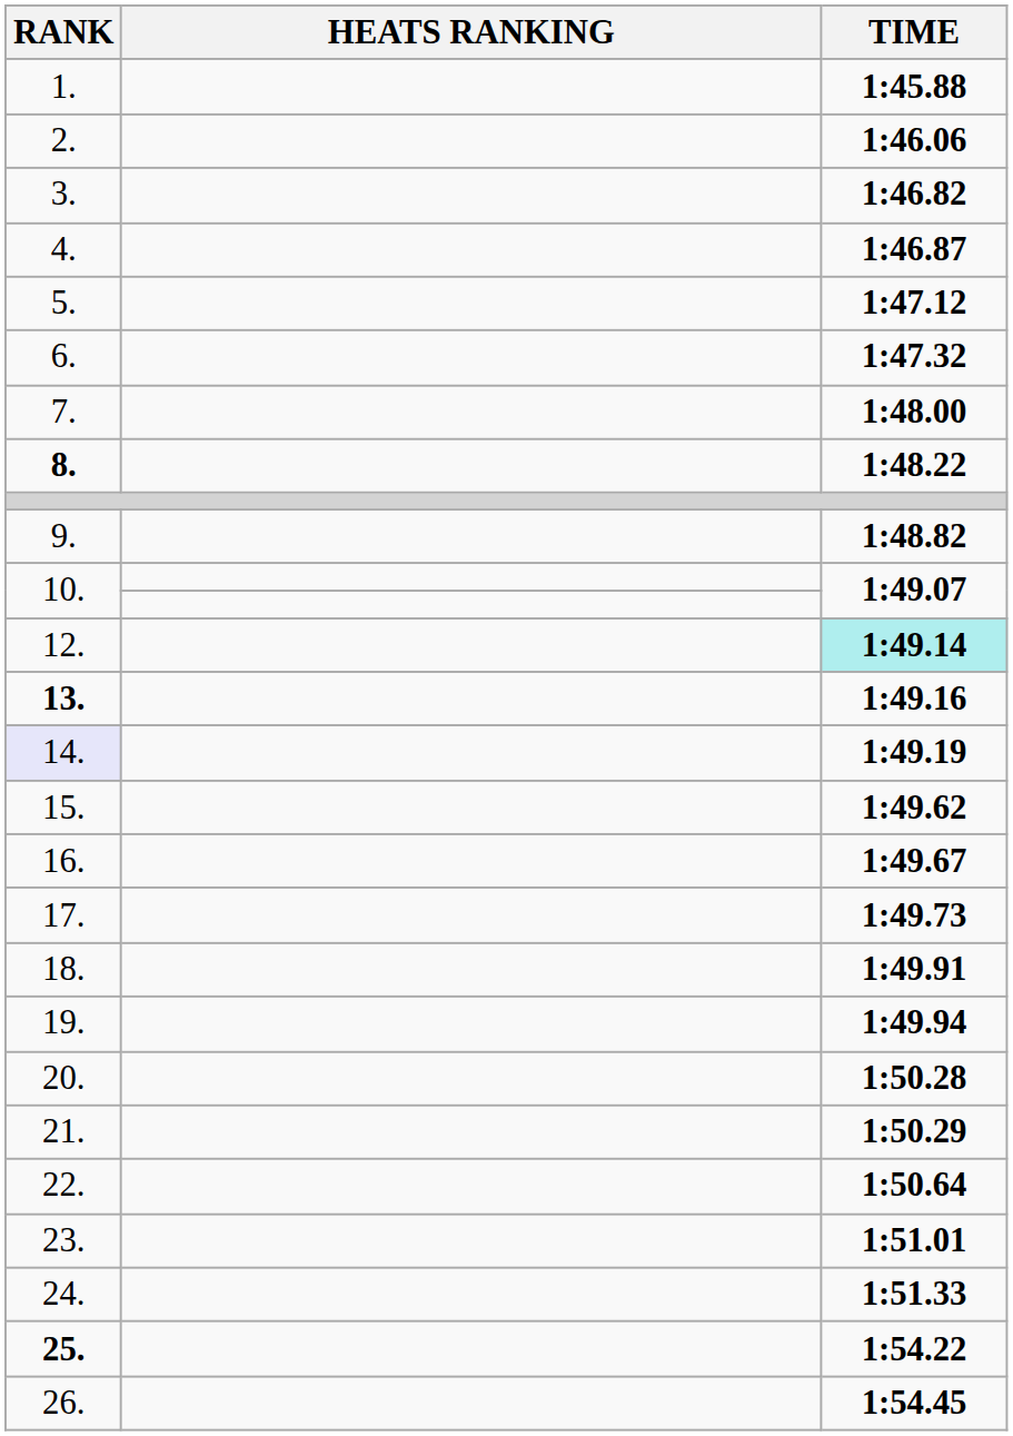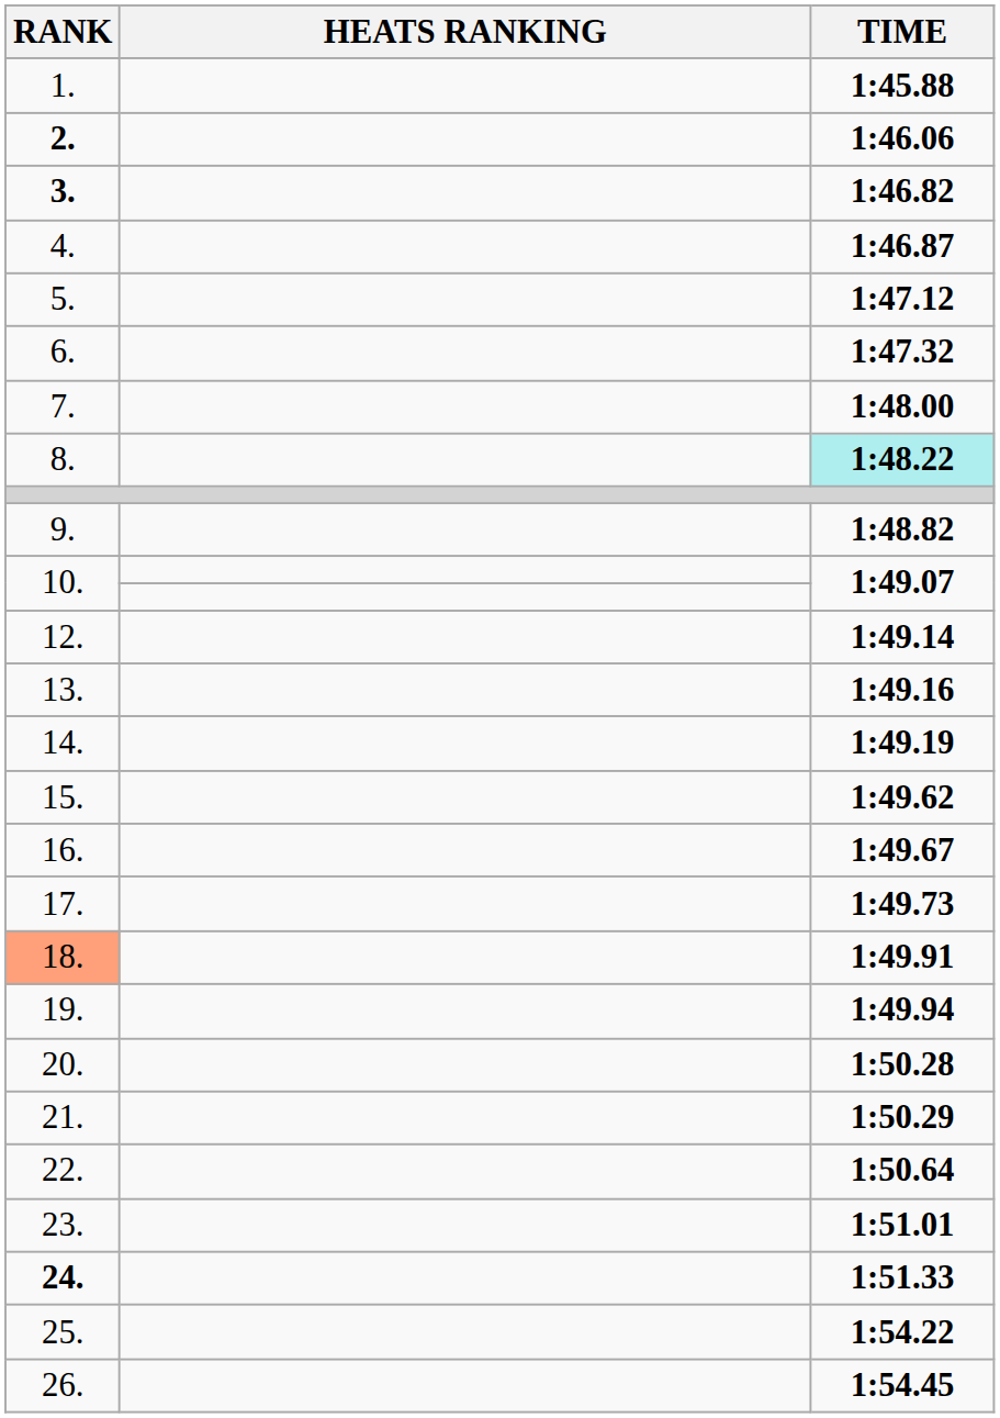 <table class="wikitable">
 <tr>
 <th>RANK</th>
 <th style="width: 20em">HEATS RANKING</th>
 <th style="width: 5em">TIME</th>
 </tr>
 <tr>
 <td align="center">1.</td>
 <td></td>
 <td align="center"><strong>1:45.88</strong></td>
 </tr>
 <tr>
-<td align="center">2.</td>
+<td align="center"><strong>2.</strong></td>
 <td></td>
 <td align="center"><strong>1:46.06</strong></td>
 </tr>
 <tr>
-<td align="center">3.</td>
+<td align="center"><strong>3.</strong></td>
 <td></td>
 <td align="center"><strong>1:46.82</strong></td>
 </tr>
 <tr>
 <td align="center">4.</td>
 <td></td>
 <td align="center"><strong>1:46.87</strong></td>
 </tr>
 <tr>
 <td align="center">5.</td>
 <td></td>
 <td align="center"><strong>1:47.12</strong></td>
 </tr>
 <tr>
 <td align="center">6.</td>
 <td></td>
 <td align="center"><strong>1:47.32</strong></td>
 </tr>
 <tr>
 <td align="center">7.</td>
 <td></td>
 <td align="center"><strong>1:48.00</strong></td>
 </tr>
 <tr>
-<td align="center"><strong>8.</strong></td>
+<td align="center">8.</td>
 <td></td>
-<td align="center"><strong>1:48.22</strong></td>
+<td align="center" style="background: paleturquoise;"><strong>1:48.22</strong></td>
 </tr>
 <tr>
 <td colspan=3 bgcolor=lightgray></td>
 </tr>
 <tr>
 <td align="center">9.</td>
 <td></td>
 <td align="center"><strong>1:48.82</strong></td>
 </tr>
 <tr>
 <td rowspan=2 align="center">10.</td>
 <td></td>
 <td rowspan=2 align="center"><strong>1:49.07</strong></td>
 </tr>
 <tr>
 <td></td>
 </tr>
 <tr>
 <td align="center">12.</td>
 <td></td>
-<td align="center" style="background: paleturquoise;"><strong>1:49.14</strong></td>
+<td align="center"><strong>1:49.14</strong></td>
 </tr>
 <tr>
-<td align="center"><strong>13.</strong></td>
+<td align="center">13.</td>
 <td></td>
 <td align="center"><strong>1:49.16</strong></td>
 </tr>
 <tr>
-<td align="center" style="background: lavender;">14.</td>
+<td align="center">14.</td>
 <td></td>
 <td align="center"><strong>1:49.19</strong></td>
 </tr>
 <tr>
 <td align="center">15.</td>
 <td></td>
 <td align="center"><strong>1:49.62</strong></td>
 </tr>
 <tr>
 <td align="center">16.</td>
 <td></td>
 <td align="center"><strong>1:49.67 </strong></td>
 </tr>
 <tr>
 <td align="center">17.</td>
 <td></td>
 <td align="center"><strong>1:49.73 </strong></td>
 </tr>
 <tr>
-<td align="center">18.</td>
+<td align="center" style="background: lightsalmon;">18.</td>
 <td></td>
 <td align="center"><strong>1:49.91 </strong></td>
 </tr>
 <tr>
 <td align="center">19.</td>
 <td></td>
 <td align="center"><strong>1:49.94 </strong></td>
 </tr>
 <tr>
 <td align="center">20.</td>
 <td></td>
 <td align="center"><strong>1:50.28 </strong></td>
 </tr>
 <tr>
 <td align="center">21.</td>
 <td></td>
 <td align="center"><strong>1:50.29 </strong></td>
 </tr>
 <tr>
 <td align="center">22.</td>
 <td></td>
 <td align="center"><strong>1:50.64 </strong></td>
 </tr>
 <tr>
 <td align="center">23.</td>
 <td></td>
 <td align="center"><strong>1:51.01 </strong></td>
 </tr>
 <tr>
-<td align="center">24.</td>
+<td align="center"><strong>24.</strong></td>
 <td></td>
 <td align="center"><strong>1:51.33 </strong></td>
 </tr>
 <tr>
-<td align="center"><strong>25.</strong></td>
+<td align="center">25.</td>
 <td></td>
 <td align="center"><strong>1:54.22 </strong></td>
 </tr>
 <tr>
 <td align="center">26.</td>
 <td></td>
 <td align="center"><strong>1:54.45 </strong></td>
 </tr>
 </table>
